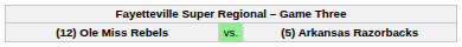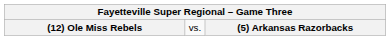 <table class="wikitable">
 <tr>
 <th style="width: 604px;" colspan=3>Fayetteville Super Regional – Game Three</th>
 </tr>
 <tr>
 <th style="width: 289px; ">(12) Ole Miss Rebels</th>
-<td style="background: lightgreen; width: 25px; text-align:center">vs.</td>
+<td style="width: 25px; text-align:center">vs.</td>
 <th style="width: 289px; ">(5) Arkansas Razorbacks</th>
 </tr>
 </table>
